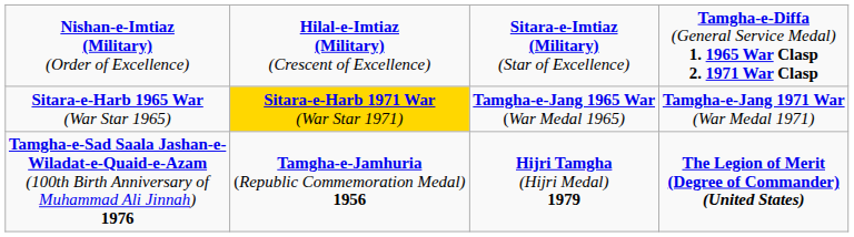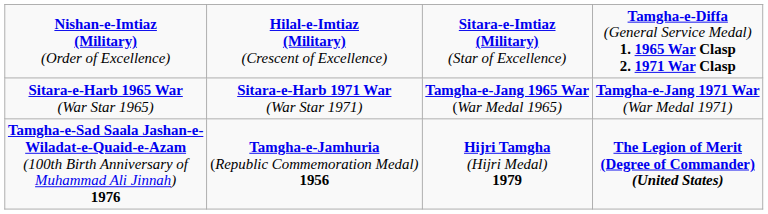 <table class="wikitable" style="margin:1em auto; text-align:center;">
 <tr>
 <td><strong><a href='#'>Nishan-e-Imtiaz</a></strong><br><strong><a href='#'>(Military)</a></strong><br><em>(Order of Excellence)</em></td>
 <td><a href='#'><strong>Hilal-e-Imtiaz</strong></a><br><strong><a href='#'>(Military)</a></strong><br><em>(Crescent of Excellence)</em></td>
 <td><strong><a href='#'>Sitara-e-Imtiaz</a></strong><br><strong><a href='#'>(Military)</a></strong><br><em>(Star of Excellence)</em></td>
 <td><strong><a href='#'>Tamgha-e-Diffa</a></strong><br><em>(General Service Medal)</em><br><strong>1. <a href='#'>1965 War</a> Clasp</strong><br><strong>2. <a href='#'>1971 War</a> Clasp</strong></td>
 </tr>
 <tr>
 <td><strong><a href='#'>Sitara-e-Harb 1965 War</a></strong><br><em>(War Star 1965)</em></td>
-<td style="background: gold;"><strong><a href='#'>Sitara-e-Harb 1971 War</a></strong><br><em>(War Star 1971)</em></td>
+<td><strong><a href='#'>Sitara-e-Harb 1971 War</a></strong><br><em>(War Star 1971)</em></td>
 <td><strong><a href='#'>Tamgha-e-Jang 1965 War</a></strong><br>(<em>War Medal 1965)</em></td>
 <td><strong><a href='#'>Tamgha-e-Jang 1971 War</a></strong><br><em>(War Medal 1971)</em></td>
 </tr>
 <tr>
 <td><strong><a href='#'>Tamgha-e-Sad Saala Jashan-e-</a></strong><br><strong><a href='#'>Wiladat-e-Quaid-e-Azam</a></strong><br><em>(100th Birth Anniversary of</em><br><em><a href='#'>Muhammad Ali Jinnah</a>)</em><br><strong>1976</strong></td>
 <td><strong><a href='#'>Tamgha-e-Jamhuria</a></strong><br>(<em>Republic Commemoration Medal)</em><br><strong>1956</strong></td>
 <td><strong><a href='#'>Hijri Tamgha</a></strong><br><em>(Hijri Medal)</em><br><strong>1979</strong></td>
 <td><strong><a href='#'>The Legion of Merit</a></strong><br><strong><a href='#'>(Degree of Commander)</a></strong><br><strong><em>(United States)</em></strong></td>
 </tr>
 </table>
